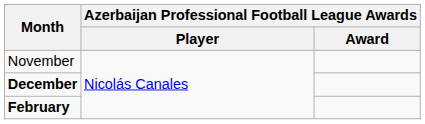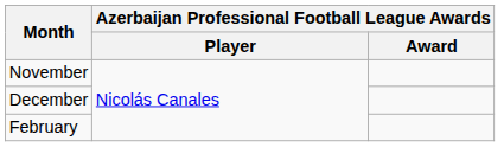 <table class="wikitable">
 <tr>
 <th rowspan=2>Month</th>
 <th colspan=2>Azerbaijan Professional Football League Awards</th>
 </tr>
 <tr>
 <th>Player</th>
 <th>Award</th>
 </tr>
 <tr>
 <td>November</td>
 <td rowspan="3"> <a href='#'>Nicolás Canales</a></td>
 <td></td>
 </tr>
 <tr>
-<td><strong>December</strong></td>
+<td>December</td>
 <td></td>
 </tr>
 <tr>
-<td><strong>February</strong></td>
+<td>February</td>
 <td></td>
 </tr>
 </table>
